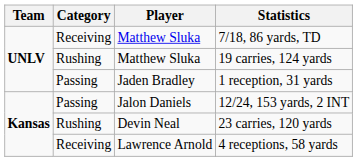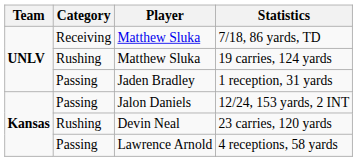 <table class="wikitable" style="float: right;">
 <tr>
 <th>Team</th>
 <th>Category</th>
 <th>Player</th>
 <th>Statistics</th>
 </tr>
 <tr>
 <td rowspan=3><strong>UNLV</strong></td>
 <td>Receiving</td>
 <td><a href='#'>Matthew Sluka</a></td>
 <td>7/18, 86 yards, TD</td>
 </tr>
 <tr>
 <td>Rushing</td>
 <td>Matthew Sluka</td>
 <td>19 carries, 124 yards</td>
 </tr>
 <tr>
 <td>Passing</td>
 <td>Jaden Bradley</td>
 <td>1 reception, 31 yards</td>
 </tr>
 <tr>
 <td rowspan=3><strong>Kansas</strong></td>
 <td>Passing</td>
 <td>Jalon Daniels</td>
 <td>12/24, 153 yards, 2 INT</td>
 </tr>
 <tr>
 <td>Rushing</td>
 <td>Devin Neal</td>
 <td>23 carries, 120 yards</td>
 </tr>
 <tr>
-<td>Receiving</td>
+<td>Passing</td>
 <td>Lawrence Arnold</td>
 <td>4 receptions, 58 yards</td>
 </tr>
 </table>
